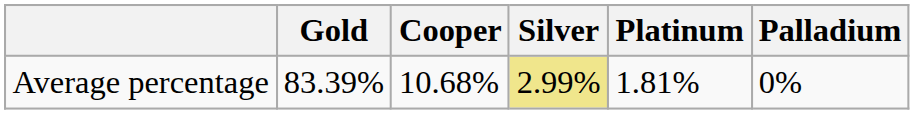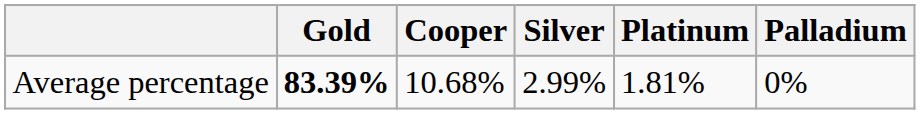 <table class="wikitable">
 <tr>
 <th></th>
 <th>Gold</th>
 <th>Cooper</th>
 <th>Silver</th>
 <th>Platinum</th>
 <th>Palladium</th>
 </tr>
 <tr>
 <td>Average percentage</td>
-<td>83.39%</td>
+<td><strong>83.39%</strong></td>
 <td>10.68%</td>
-<td style="background: khaki;">2.99%</td>
+<td>2.99%</td>
 <td>1.81%</td>
 <td>0%</td>
 </tr>
 </table>
